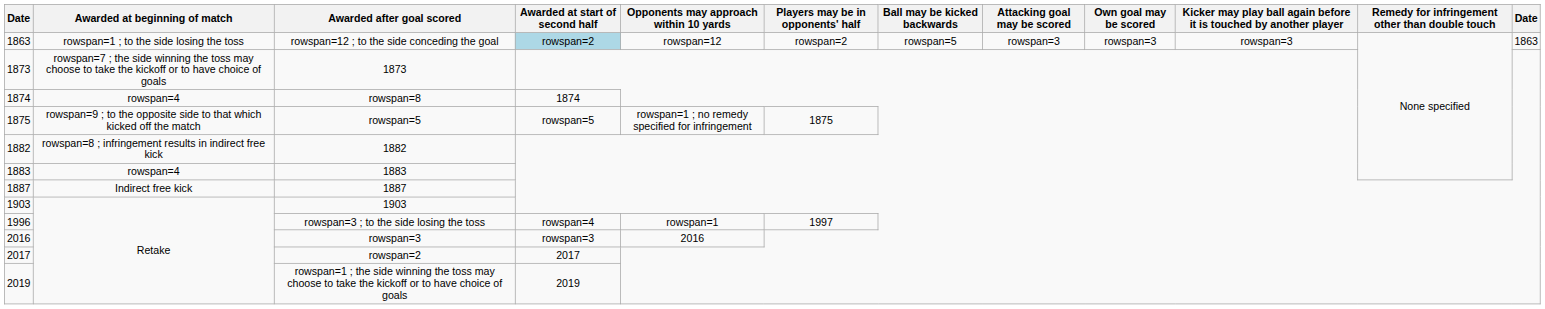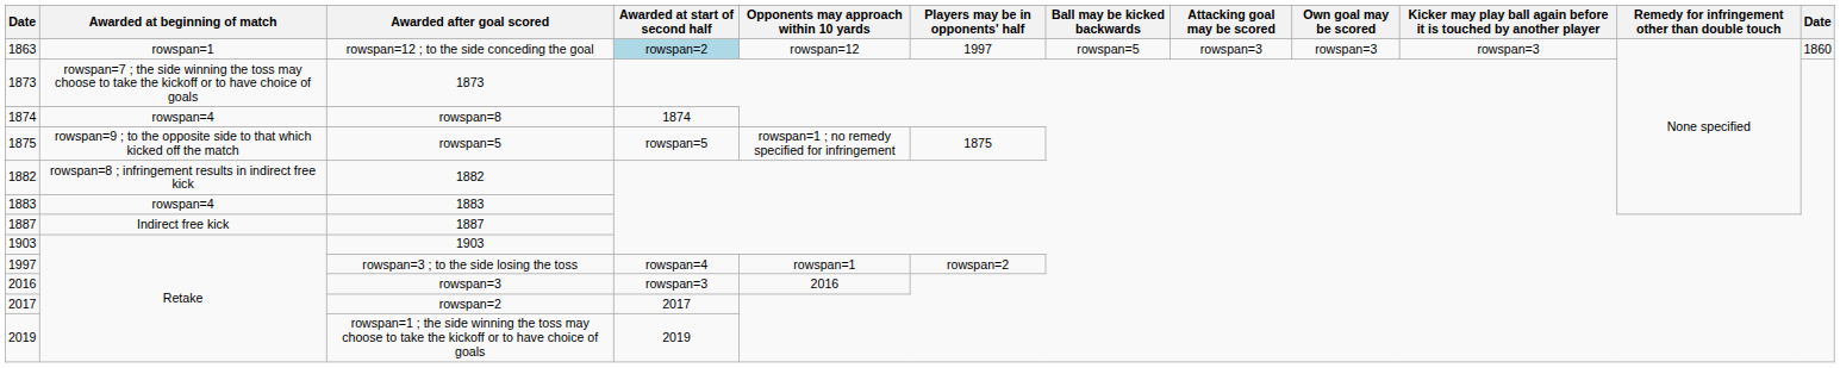 <table class="wikitable sortable" style="text-align: center; font-size: 85%; width: auto; table-layout: fixed;">
 <tr>
 <th>Date</th>
 <th>Awarded at beginning of match</th>
 <th>Awarded after goal scored</th>
 <th>Awarded at start of second half</th>
 <th>Opponents may approach within 10 yards</th>
 <th>Players may be in opponents' half</th>
 <th>Ball may be kicked backwards</th>
 <th>Attacking goal may be scored</th>
 <th>Own goal may be scored</th>
 <th>Kicker may play ball again before it is touched by another player</th>
 <th>Remedy for infringement other than double touch</th>
 <th>Date</th>
 </tr>
 <tr>
 <td>1863</td>
-<td>rowspan=1 ; to the side losing the toss</td>
+<td>rowspan=1 </td>
 <td>rowspan=12 ; to the side conceding the goal</td>
 <td style="background: lightblue;">rowspan=2 </td>
 <td>rowspan=12 </td>
-<td>rowspan=2 </td>
+<td>1997</td>
 <td>rowspan=5 </td>
 <td>rowspan=3 </td>
 <td>rowspan=3 </td>
 <td>rowspan=3 </td>
 <td rowspan=6>None specified </td>
-<td>1863</td>
+<td>1860</td>
 </tr>
 <tr>
 <td>1873</td>
 <td>rowspan=7 ; the side winning the toss may choose to take the kickoff or to have choice of goals</td>
 <td>1873</td>
 </tr>
 <tr>
 <td>1874</td>
 <td>rowspan=4 </td>
 <td>rowspan=8  </td>
 <td>1874</td>
 </tr>
 <tr>
 <td>1875</td>
 <td>rowspan=9 ; to the opposite side to that which kicked off the match</td>
 <td>rowspan=5 </td>
 <td>rowspan=5 </td>
 <td>rowspan=1 ; no remedy specified for infringement</td>
 <td>1875</td>
 </tr>
 <tr>
 <td>1882</td>
 <td>rowspan=8 ; infringement results in indirect free kick</td>
 <td>1882</td>
 </tr>
 <tr>
 <td>1883</td>
 <td>rowspan=4 </td>
 <td>1883</td>
 </tr>
 <tr>
 <td>1887</td>
 <td rowspan=1>Indirect free kick </td>
 <td>1887</td>
 </tr>
 <tr>
 <td>1903</td>
 <td rowspan=5>Retake </td>
 <td>1903</td>
 </tr>
 <tr>
-<td>1996</td>
+<td>1997</td>
 <td>rowspan=3 ; to the side losing the toss</td>
 <td>rowspan=4 </td>
 <td>rowspan=1 </td>
-<td>1997</td>
+<td>rowspan=2 </td>
 </tr>
 <tr>
 <td>2016</td>
 <td>rowspan=3 </td>
 <td>rowspan=3 </td>
 <td>2016</td>
 </tr>
 <tr>
 <td>2017</td>
 <td>rowspan=2  </td>
 <td>2017</td>
 </tr>
 <tr>
 <td>2019</td>
 <td>rowspan=1 ; the side winning the toss may choose to take the kickoff or to have choice of goals</td>
 <td>2019</td>
 </tr>
 </table>
